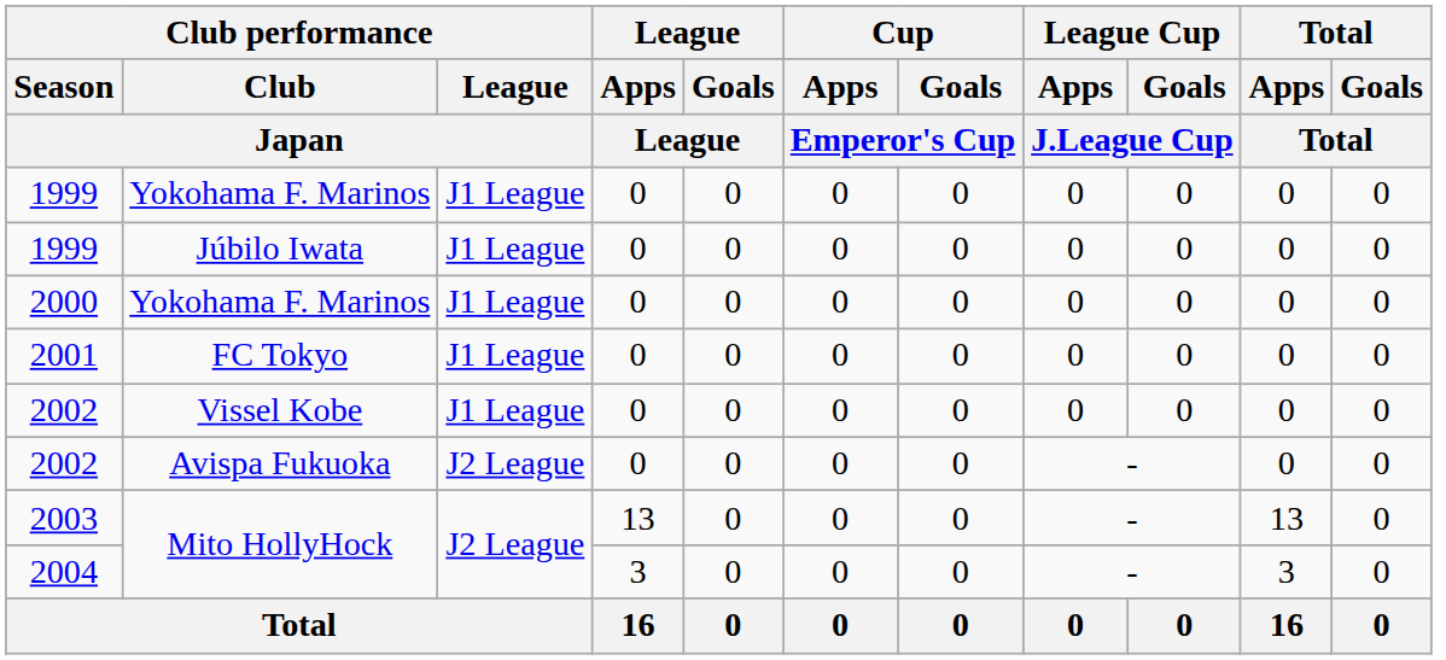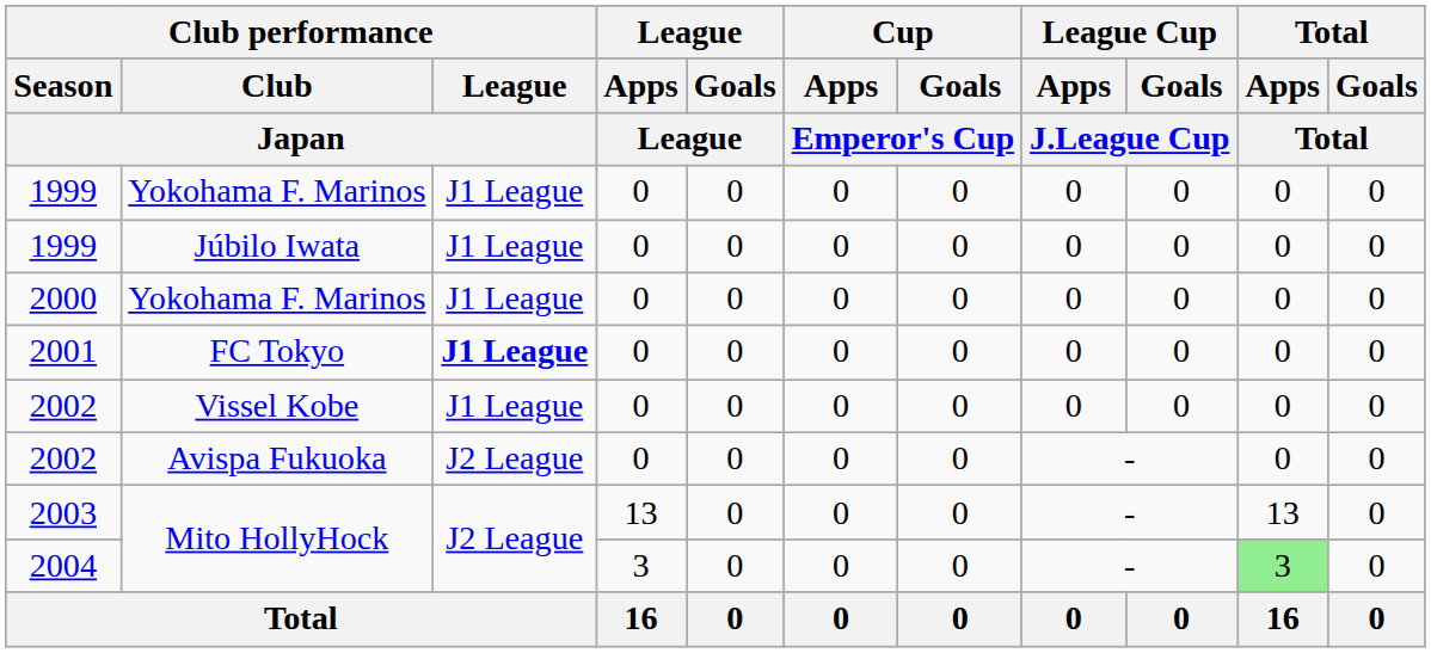 <table class="wikitable" style="text-align:center;">
 <tr>
 <th colspan=3>Club performance</th>
 <th colspan=2>League</th>
 <th colspan=2>Cup</th>
 <th colspan=2>League Cup</th>
 <th colspan=2>Total</th>
 </tr>
 <tr>
 <th>Season</th>
 <th>Club</th>
 <th>League</th>
 <th>Apps</th>
 <th>Goals</th>
 <th>Apps</th>
 <th>Goals</th>
 <th>Apps</th>
 <th>Goals</th>
 <th>Apps</th>
 <th>Goals</th>
 </tr>
 <tr>
 <th colspan=3>Japan</th>
 <th colspan=2>League</th>
 <th colspan=2><a href='#'>Emperor's Cup</a></th>
 <th colspan=2><a href='#'>J.League Cup</a></th>
 <th colspan=2>Total</th>
 </tr>
 <tr>
 <td><a href='#'>1999</a></td>
 <td><a href='#'>Yokohama F. Marinos</a></td>
 <td><a href='#'>J1 League</a></td>
 <td>0</td>
 <td>0</td>
 <td>0</td>
 <td>0</td>
 <td>0</td>
 <td>0</td>
 <td>0</td>
 <td>0</td>
 </tr>
 <tr>
 <td><a href='#'>1999</a></td>
 <td><a href='#'>Júbilo Iwata</a></td>
 <td><a href='#'>J1 League</a></td>
 <td>0</td>
 <td>0</td>
 <td>0</td>
 <td>0</td>
 <td>0</td>
 <td>0</td>
 <td>0</td>
 <td>0</td>
 </tr>
 <tr>
 <td><a href='#'>2000</a></td>
 <td><a href='#'>Yokohama F. Marinos</a></td>
 <td><a href='#'>J1 League</a></td>
 <td>0</td>
 <td>0</td>
 <td>0</td>
 <td>0</td>
 <td>0</td>
 <td>0</td>
 <td>0</td>
 <td>0</td>
 </tr>
 <tr>
 <td><a href='#'>2001</a></td>
 <td><a href='#'>FC Tokyo</a></td>
-<td><a href='#'>J1 League</a></td>
+<td><strong><a href='#'>J1 League</a></strong></td>
 <td>0</td>
 <td>0</td>
 <td>0</td>
 <td>0</td>
 <td>0</td>
 <td>0</td>
 <td>0</td>
 <td>0</td>
 </tr>
 <tr>
 <td><a href='#'>2002</a></td>
 <td><a href='#'>Vissel Kobe</a></td>
 <td><a href='#'>J1 League</a></td>
 <td>0</td>
 <td>0</td>
 <td>0</td>
 <td>0</td>
 <td>0</td>
 <td>0</td>
 <td>0</td>
 <td>0</td>
 </tr>
 <tr>
 <td><a href='#'>2002</a></td>
 <td><a href='#'>Avispa Fukuoka</a></td>
 <td><a href='#'>J2 League</a></td>
 <td>0</td>
 <td>0</td>
 <td>0</td>
 <td>0</td>
 <td colspan="2">-</td>
 <td>0</td>
 <td>0</td>
 </tr>
 <tr>
 <td><a href='#'>2003</a></td>
 <td rowspan="2"><a href='#'>Mito HollyHock</a></td>
 <td rowspan="2"><a href='#'>J2 League</a></td>
 <td>13</td>
 <td>0</td>
 <td>0</td>
 <td>0</td>
 <td colspan="2">-</td>
 <td>13</td>
 <td>0</td>
 </tr>
 <tr>
 <td><a href='#'>2004</a></td>
 <td>3</td>
 <td>0</td>
 <td>0</td>
 <td>0</td>
 <td colspan="2">-</td>
-<td>3</td>
+<td style="background: lightgreen;">3</td>
 <td>0</td>
 </tr>
 <tr>
 <th colspan=3>Total</th>
 <th>16</th>
 <th>0</th>
 <th>0</th>
 <th>0</th>
 <th>0</th>
 <th>0</th>
 <th>16</th>
 <th>0</th>
 </tr>
 </table>
